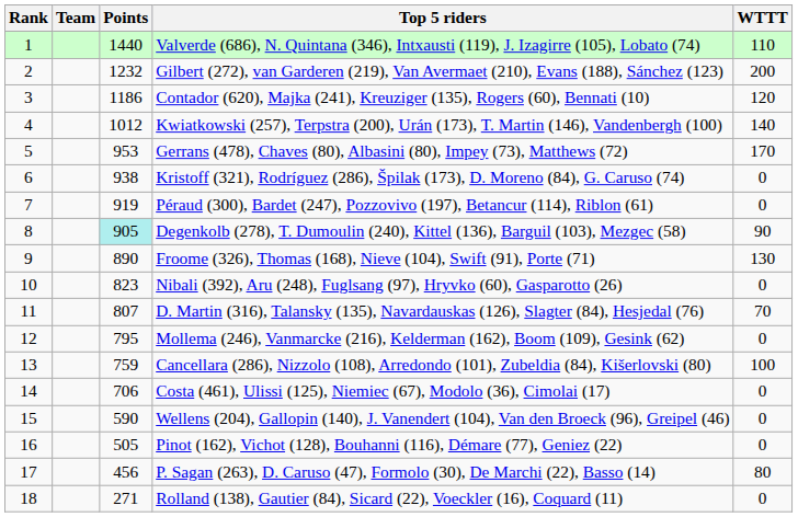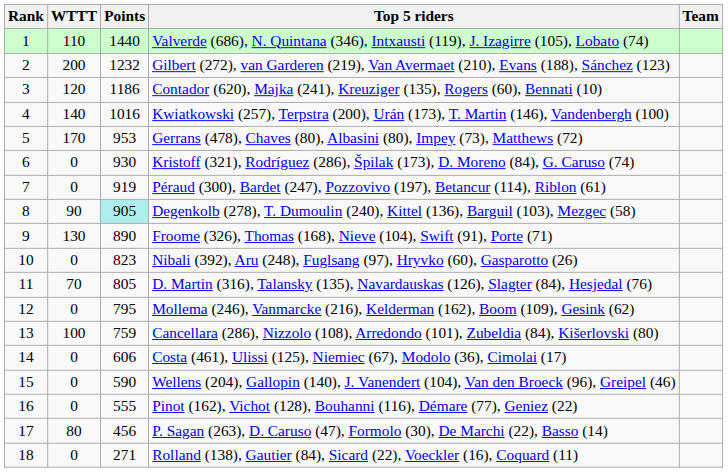 <table class="wikitable">
 <tr style="background:#ccf;">
 <th>Rank</th>
-<th>Team</th>
+<th>WTTT</th>
 <th>Points</th>
 <th>Top 5 riders</th>
-<th>WTTT</th>
+<th>Team</th>
 </tr>
 <tr style="background:#ccffcc;">
 <td align=center>1</td>
-<td></td>
+<td align=center>110</td>
 <td align=center>1440</td>
 <td><a href='#'>Valverde</a> (686), <a href='#'>N. Quintana</a> (346), <a href='#'>Intxausti</a> (119), <a href='#'>J. Izagirre</a> (105), <a href='#'>Lobato</a> (74)</td>
-<td align=center>110</td>
+<td></td>
 </tr>
 <tr>
 <td align=center>2</td>
-<td></td>
+<td align=center>200</td>
 <td align=center>1232</td>
 <td><a href='#'>Gilbert</a> (272), <a href='#'>van Garderen</a> (219), <a href='#'>Van Avermaet</a> (210), <a href='#'>Evans</a> (188), <a href='#'>Sánchez</a> (123)</td>
-<td align=center>200</td>
+<td></td>
 </tr>
 <tr>
 <td align=center>3</td>
-<td></td>
+<td align=center>120</td>
 <td align=center>1186</td>
 <td><a href='#'>Contador</a> (620), <a href='#'>Majka</a> (241), <a href='#'>Kreuziger</a> (135), <a href='#'>Rogers</a> (60), <a href='#'>Bennati</a> (10)</td>
-<td align=center>120</td>
+<td></td>
 </tr>
 <tr>
 <td align=center>4</td>
+<td align=center>140</td>
+<td align=center>1016</td>
+<td><a href='#'>Kwiatkowski</a> (257), <a href='#'>Terpstra</a> (200), <a href='#'>Urán</a> (173), <a href='#'>T. Martin</a> (146), <a href='#'>Vandenbergh</a> (100)</td>
 <td></td>
-<td align=center>1012</td>
-<td><a href='#'>Kwiatkowski</a> (257), <a href='#'>Terpstra</a> (200), <a href='#'>Urán</a> (173), <a href='#'>T. Martin</a> (146), <a href='#'>Vandenbergh</a> (100)</td>
-<td align=center>140</td>
 </tr>
 <tr>
 <td align=center>5</td>
-<td></td>
+<td align=center>170</td>
 <td align=center>953</td>
 <td><a href='#'>Gerrans</a> (478), <a href='#'>Chaves</a> (80), <a href='#'>Albasini</a> (80), <a href='#'>Impey</a> (73), <a href='#'>Matthews</a> (72)</td>
-<td align=center>170</td>
+<td></td>
 </tr>
 <tr>
 <td align=center>6</td>
+<td align=center>0</td>
+<td align=center>930</td>
+<td><a href='#'>Kristoff</a> (321), <a href='#'>Rodríguez</a> (286), <a href='#'>Špilak</a> (173), <a href='#'>D. Moreno</a> (84), <a href='#'>G. Caruso</a> (74)</td>
 <td></td>
-<td align=center>938</td>
-<td><a href='#'>Kristoff</a> (321), <a href='#'>Rodríguez</a> (286), <a href='#'>Špilak</a> (173), <a href='#'>D. Moreno</a> (84), <a href='#'>G. Caruso</a> (74)</td>
-<td align=center>0</td>
 </tr>
 <tr>
 <td align=center>7</td>
-<td></td>
+<td align=center>0</td>
 <td align=center>919</td>
 <td><a href='#'>Péraud</a> (300), <a href='#'>Bardet</a> (247), <a href='#'>Pozzovivo</a> (197), <a href='#'>Betancur</a> (114), <a href='#'>Riblon</a> (61)</td>
-<td align=center>0</td>
+<td></td>
 </tr>
 <tr>
 <td align=center>8</td>
-<td></td>
+<td align=center>90</td>
 <td align=center style="background: paleturquoise;">905</td>
 <td><a href='#'>Degenkolb</a> (278), <a href='#'>T. Dumoulin</a> (240), <a href='#'>Kittel</a> (136), <a href='#'>Barguil</a> (103), <a href='#'>Mezgec</a> (58)</td>
-<td align=center>90</td>
+<td></td>
 </tr>
 <tr>
 <td align=center>9</td>
-<td></td>
+<td align=center>130</td>
 <td align=center>890</td>
 <td><a href='#'>Froome</a> (326), <a href='#'>Thomas</a> (168), <a href='#'>Nieve</a> (104), <a href='#'>Swift</a> (91), <a href='#'>Porte</a> (71)</td>
-<td align=center>130</td>
+<td></td>
 </tr>
 <tr>
 <td align=center>10</td>
-<td></td>
+<td align=center>0</td>
 <td align=center>823</td>
 <td><a href='#'>Nibali</a> (392), <a href='#'>Aru</a> (248), <a href='#'>Fuglsang</a> (97), <a href='#'>Hryvko</a> (60), <a href='#'>Gasparotto</a> (26)</td>
-<td align=center>0</td>
+<td></td>
 </tr>
 <tr>
 <td align=center>11</td>
+<td align=center>70</td>
+<td align=center>805</td>
+<td><a href='#'>D. Martin</a> (316), <a href='#'>Talansky</a> (135), <a href='#'>Navardauskas</a> (126), <a href='#'>Slagter</a> (84), <a href='#'>Hesjedal</a> (76)</td>
 <td></td>
-<td align=center>807</td>
-<td><a href='#'>D. Martin</a> (316), <a href='#'>Talansky</a> (135), <a href='#'>Navardauskas</a> (126), <a href='#'>Slagter</a> (84), <a href='#'>Hesjedal</a> (76)</td>
-<td align=center>70</td>
 </tr>
 <tr>
 <td align=center>12</td>
-<td></td>
+<td align=center>0</td>
 <td align=center>795</td>
 <td><a href='#'>Mollema</a> (246), <a href='#'>Vanmarcke</a> (216), <a href='#'>Kelderman</a> (162), <a href='#'>Boom</a> (109), <a href='#'>Gesink</a> (62)</td>
-<td align=center>0</td>
+<td></td>
 </tr>
 <tr>
 <td align=center>13</td>
-<td></td>
+<td align=center>100</td>
 <td align=center>759</td>
 <td><a href='#'>Cancellara</a> (286), <a href='#'>Nizzolo</a> (108), <a href='#'>Arredondo</a> (101), <a href='#'>Zubeldia</a> (84), <a href='#'>Kišerlovski</a> (80)</td>
-<td align=center>100</td>
+<td></td>
 </tr>
 <tr>
 <td align=center>14</td>
+<td align=center>0</td>
+<td align=center>606</td>
+<td><a href='#'>Costa</a> (461), <a href='#'>Ulissi</a> (125), <a href='#'>Niemiec</a> (67), <a href='#'>Modolo</a> (36), <a href='#'>Cimolai</a> (17)</td>
 <td></td>
-<td align=center>706</td>
-<td><a href='#'>Costa</a> (461), <a href='#'>Ulissi</a> (125), <a href='#'>Niemiec</a> (67), <a href='#'>Modolo</a> (36), <a href='#'>Cimolai</a> (17)</td>
-<td align=center>0</td>
 </tr>
 <tr>
 <td align=center>15</td>
-<td></td>
+<td align=center>0</td>
 <td align=center>590</td>
 <td><a href='#'>Wellens</a> (204), <a href='#'>Gallopin</a> (140), <a href='#'>J. Vanendert</a> (104), <a href='#'>Van den Broeck</a> (96), <a href='#'>Greipel</a> (46)</td>
-<td align=center>0</td>
+<td></td>
 </tr>
 <tr>
 <td align=center>16</td>
+<td align=center>0</td>
+<td align=center>555</td>
+<td><a href='#'>Pinot</a> (162), <a href='#'>Vichot</a> (128), <a href='#'>Bouhanni</a> (116), <a href='#'>Démare</a> (77), <a href='#'>Geniez</a> (22)</td>
 <td></td>
-<td align=center>505</td>
-<td><a href='#'>Pinot</a> (162), <a href='#'>Vichot</a> (128), <a href='#'>Bouhanni</a> (116), <a href='#'>Démare</a> (77), <a href='#'>Geniez</a> (22)</td>
-<td align=center>0</td>
 </tr>
 <tr>
 <td align=center>17</td>
-<td></td>
+<td align=center>80</td>
 <td align=center>456</td>
 <td><a href='#'>P. Sagan</a> (263), <a href='#'>D. Caruso</a> (47), <a href='#'>Formolo</a> (30), <a href='#'>De Marchi</a> (22), <a href='#'>Basso</a> (14)</td>
-<td align=center>80</td>
+<td></td>
 </tr>
 <tr>
 <td align=center>18</td>
-<td></td>
+<td align=center>0</td>
 <td align=center>271</td>
 <td><a href='#'>Rolland</a> (138), <a href='#'>Gautier</a> (84), <a href='#'>Sicard</a> (22), <a href='#'>Voeckler</a> (16), <a href='#'>Coquard</a> (11)</td>
-<td align=center>0</td>
+<td></td>
 </tr>
 </table>
